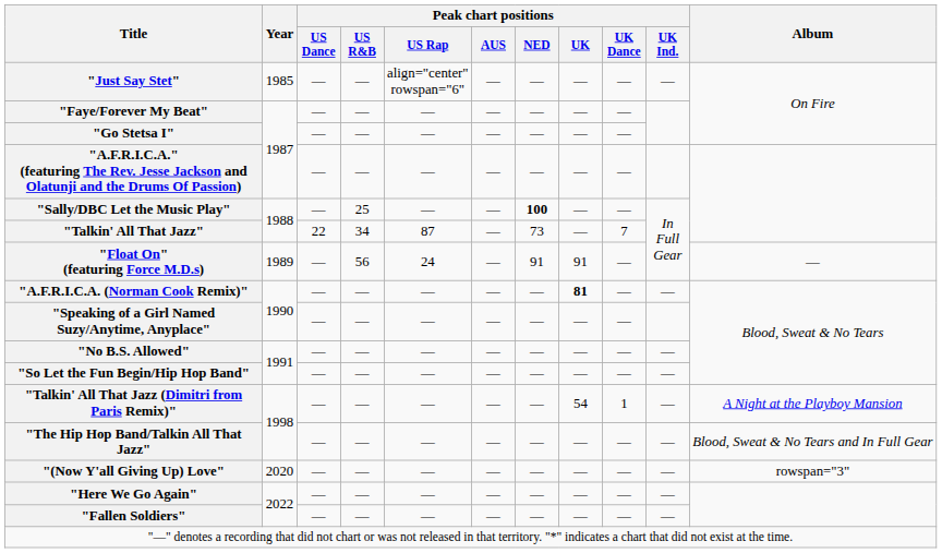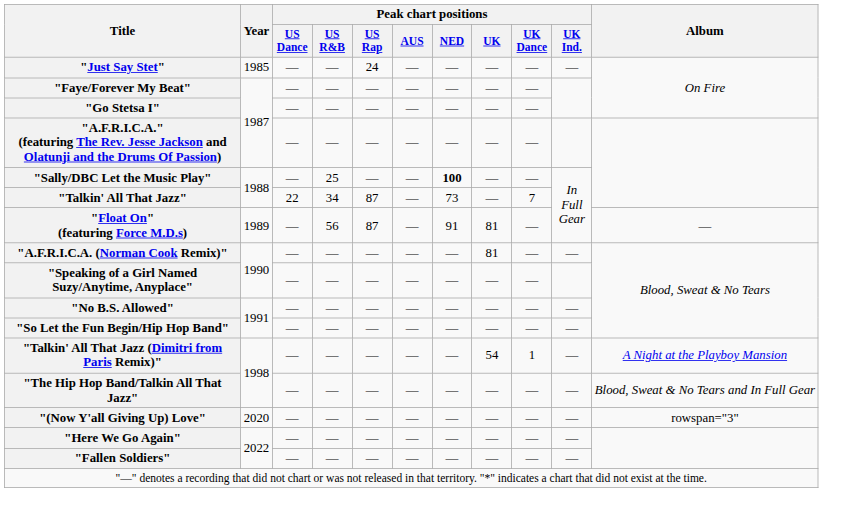 <table class="wikitable plainrowheaders" style="text-align:center;" border="1">
 <tr>
 <th scope="col" rowspan="2" style="width:18em;">Title</th>
 <th scope="col" rowspan="2">Year</th>
 <th scope="col" colspan="8">Peak chart positions</th>
 <th scope="col" rowspan="2">Album</th>
 </tr>
 <tr>
 <th scope="col" style="width:3em;font-size:90%;"><a href='#'>US Dance</a><br></th>
 <th scope="col" style="width:3em;font-size:90%;"><a href='#'>US R&B</a><br></th>
 <th scope="col" style="width:3em;font-size:90%;"><a href='#'>US Rap</a><br></th>
 <th scope="col" style="width:3em;font-size:90%;"><a href='#'>AUS</a><br></th>
 <th scope="col" style="width:3em;font-size:90%;"><a href='#'>NED</a><br></th>
 <th scope="col" style="width:3em;font-size:90%;"><a href='#'>UK</a><br></th>
 <th scope="col" style="width:3em;font-size:90%;"><a href='#'>UK Dance</a><br></th>
 <th scope="col" style="width:3em;font-size:90%;"><a href='#'>UK Ind.</a><br></th>
 </tr>
 <tr>
 <th scope="row">"<a href='#'>Just Say Stet</a>"</th>
 <td>1985</td>
 <td>—</td>
 <td>—</td>
-<td>align="center" rowspan="6" </td>
+<td>24</td>
 <td>—</td>
 <td>—</td>
 <td>—</td>
 <td>—</td>
 <td>—</td>
 <td rowspan="3"><em>On Fire</em></td>
 </tr>
 <tr>
 <th scope="row">"Faye/Forever My Beat"</th>
 <td rowspan="3">1987</td>
 <td>—</td>
 <td>—</td>
 <td>—</td>
 <td>—</td>
 <td>—</td>
 <td>—</td>
 <td>—</td>
 </tr>
 <tr>
 <th scope="row">"Go Stetsa I"</th>
 <td>—</td>
 <td>—</td>
 <td>—</td>
 <td>—</td>
 <td>—</td>
 <td>—</td>
 <td>—</td>
 </tr>
 <tr>
 <th scope="row">"A.F.R.I.C.A."<br><span>(featuring <a href='#'>The Rev. Jesse Jackson</a> and <a href='#'>Olatunji and the Drums Of Passion</a>)</span></th>
 <td>—</td>
 <td>—</td>
 <td>—</td>
 <td>—</td>
 <td>—</td>
 <td>—</td>
 <td>—</td>
 <td></td>
 </tr>
 <tr>
 <th scope="row">"Sally/DBC Let the Music Play"</th>
 <td rowspan="2">1988</td>
 <td>—</td>
 <td>25</td>
 <td>—</td>
 <td>—</td>
 <td><strong>100</strong></td>
 <td>—</td>
 <td>—</td>
 <td rowspan="3"><em>In Full Gear</em></td>
 </tr>
 <tr>
 <th scope="row">"Talkin' All That Jazz"</th>
 <td>22</td>
 <td>34</td>
 <td>87</td>
 <td>—</td>
 <td>73</td>
 <td>—</td>
 <td>7</td>
 </tr>
 <tr>
 <th scope="row">"<a href='#'>Float On</a>"<br><span>(featuring <a href='#'>Force M.D.s</a>)</span></th>
 <td>1989</td>
 <td>—</td>
 <td>56</td>
-<td>24</td>
+<td>87</td>
 <td>—</td>
 <td>91</td>
-<td>91</td>
+<td>81</td>
 <td>—</td>
 <td>—</td>
 </tr>
 <tr>
 <th scope="row">"A.F.R.I.C.A. (<a href='#'>Norman Cook</a> Remix)"</th>
 <td rowspan="2">1990</td>
 <td>—</td>
 <td>—</td>
 <td>—</td>
 <td>—</td>
 <td>—</td>
-<td><strong>81</strong></td>
+<td>81</td>
 <td>—</td>
 <td>—</td>
 <td rowspan="4"><em>Blood, Sweat & No Tears</em></td>
 </tr>
 <tr>
 <th scope="row">"Speaking of a Girl Named Suzy/Anytime, Anyplace"</th>
 <td>—</td>
 <td>—</td>
 <td>—</td>
 <td>—</td>
 <td>—</td>
 <td>—</td>
 <td>—</td>
 </tr>
 <tr>
 <th scope="row">"No B.S. Allowed"</th>
 <td rowspan="2">1991</td>
 <td>—</td>
 <td>—</td>
 <td>—</td>
 <td>—</td>
 <td>—</td>
 <td>—</td>
 <td>—</td>
 <td>—</td>
 </tr>
 <tr>
 <th scope="row">"So Let the Fun Begin/Hip Hop Band"</th>
 <td>—</td>
 <td>—</td>
 <td>—</td>
 <td>—</td>
 <td>—</td>
 <td>—</td>
 <td>—</td>
 <td>—</td>
 </tr>
 <tr>
 <th scope="row">"Talkin' All That Jazz (<a href='#'>Dimitri from Paris</a> Remix)"</th>
 <td rowspan="2">1998</td>
 <td>—</td>
 <td>—</td>
 <td>—</td>
 <td>—</td>
 <td>—</td>
 <td>54</td>
 <td>1</td>
 <td>—</td>
 <td><em><a href='#'>A Night at the Playboy Mansion</a></em></td>
 </tr>
 <tr>
 <th scope="row">"The Hip Hop Band/Talkin All That Jazz"</th>
 <td>—</td>
 <td>—</td>
 <td>—</td>
 <td>—</td>
 <td>—</td>
 <td>—</td>
 <td>—</td>
 <td>—</td>
 <td><em>Blood, Sweat & No Tears and In Full Gear</em></td>
 </tr>
 <tr>
 <th scope="row">"(Now Y'all Giving Up) Love"</th>
 <td>2020</td>
 <td>—</td>
 <td>—</td>
 <td>—</td>
 <td>—</td>
 <td>—</td>
 <td>—</td>
 <td>—</td>
 <td>—</td>
 <td>rowspan="3" </td>
 </tr>
 <tr>
 <th scope="row">"Here We Go Again"</th>
 <td rowspan="2">2022</td>
 <td>—</td>
 <td>—</td>
 <td>—</td>
 <td>—</td>
 <td>—</td>
 <td>—</td>
 <td>—</td>
 <td>—</td>
 </tr>
 <tr>
 <th scope="row">"Fallen Soldiers"</th>
 <td>—</td>
 <td>—</td>
 <td>—</td>
 <td>—</td>
 <td>—</td>
 <td>—</td>
 <td>—</td>
 <td>—</td>
 </tr>
 <tr>
 <td colspan="15" style="font-size:90%">"—" denotes a recording that did not chart or was not released in that territory. "*" indicates a chart that did not exist at the time.</td>
 </tr>
 </table>
